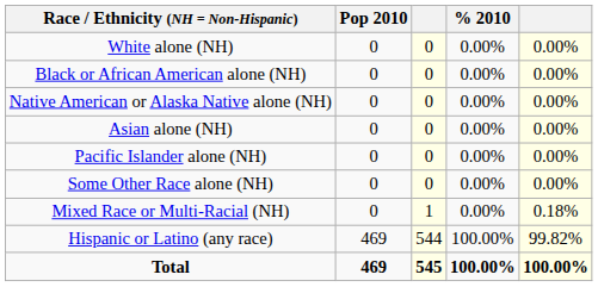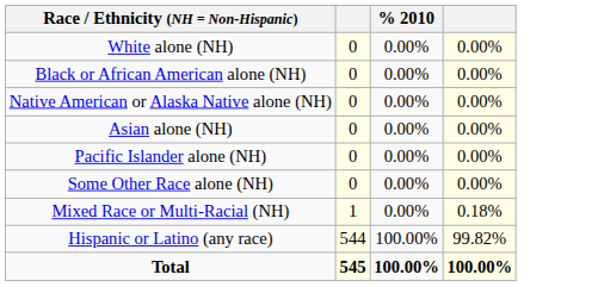 <table class="wikitable" style="text-align:center;">
 <tr>
 <th>Race / Ethnicity <small>(<em>NH = Non-Hispanic</em>)</small></th>
-<th>Pop 2010</th>
 <th></th>
 <th>% 2010</th>
 <th></th>
 </tr>
 <tr>
 <td><a href='#'>White</a> alone (NH)</td>
-<td>0</td>
 <td style='background: #ffffe6;'>0</td>
 <td>0.00%</td>
 <td style='background: #ffffe6;'>0.00%</td>
 </tr>
 <tr>
 <td><a href='#'>Black or African American</a> alone (NH)</td>
-<td>0</td>
 <td style='background: #ffffe6;'>0</td>
 <td>0.00%</td>
 <td style='background: #ffffe6;'>0.00%</td>
 </tr>
 <tr>
 <td><a href='#'>Native American</a> or <a href='#'>Alaska Native</a> alone (NH)</td>
-<td>0</td>
 <td style='background: #ffffe6;'>0</td>
 <td>0.00%</td>
 <td style='background: #ffffe6;'>0.00%</td>
 </tr>
 <tr>
 <td><a href='#'>Asian</a> alone (NH)</td>
-<td>0</td>
 <td style='background: #ffffe6;'>0</td>
 <td>0.00%</td>
 <td style='background: #ffffe6;'>0.00%</td>
 </tr>
 <tr>
 <td><a href='#'>Pacific Islander</a> alone (NH)</td>
-<td>0</td>
 <td style='background: #ffffe6;'>0</td>
 <td>0.00%</td>
 <td style='background: #ffffe6;'>0.00%</td>
 </tr>
 <tr>
 <td><a href='#'>Some Other Race</a> alone (NH)</td>
-<td>0</td>
 <td style='background: #ffffe6;'>0</td>
 <td>0.00%</td>
 <td style='background: #ffffe6;'>0.00%</td>
 </tr>
 <tr>
 <td><a href='#'>Mixed Race or Multi-Racial</a> (NH)</td>
-<td>0</td>
 <td style='background: #ffffe6;'>1</td>
 <td>0.00%</td>
 <td style='background: #ffffe6;'>0.18%</td>
 </tr>
 <tr>
 <td><a href='#'>Hispanic or Latino</a> (any race)</td>
-<td>469</td>
 <td style='background: #ffffe6;'>544</td>
 <td>100.00%</td>
 <td style='background: #ffffe6;'>99.82%</td>
 </tr>
 <tr>
 <td><strong>Total</strong></td>
-<td><strong>469</strong></td>
 <td style='background: #ffffe6;'><strong>545</strong></td>
 <td><strong>100.00%</strong></td>
 <td style='background: #ffffe6;'><strong>100.00%</strong></td>
 </tr>
 </table>
